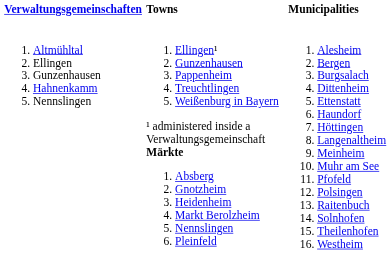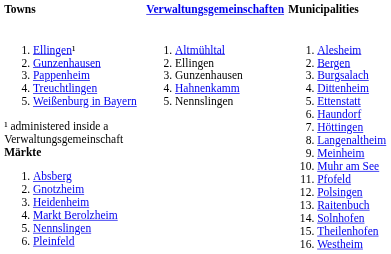 <table>
 <tr>
+<th align=left width=33%>Towns</th>
 <th align=left width=33%><a href='#'>Verwaltungsgemeinschaften</a></th>
-<th align=left width=33%>Towns</th>
 <th align=left width=33%>Municipalities</th>
 </tr>
 <tr valign=top>
+<td><br><ol><li><a href='#'>Ellingen</a>¹</li><li><a href='#'>Gunzenhausen</a></li><li><a href='#'>Pappenheim</a></li><li><a href='#'>Treuchtlingen</a></li><li><a href='#'>Weißenburg in Bayern</a></li></ol>¹ administered inside a<br> Verwaltungsgemeinschaft <br> <strong>Märkte</strong><ol><li><a href='#'>Absberg</a></li><li><a href='#'>Gnotzheim</a></li><li><a href='#'>Heidenheim</a></li><li><a href='#'>Markt Berolzheim</a></li><li><a href='#'>Nennslingen</a></li><li><a href='#'>Pleinfeld</a></li></ol></td>
 <td><br><ol><li><a href='#'>Altmühltal</a></li><li>Ellingen</li><li>Gunzenhausen</li><li><a href='#'>Hahnenkamm</a></li><li>Nennslingen</li></ol></td>
-<td><br><ol><li><a href='#'>Ellingen</a>¹</li><li><a href='#'>Gunzenhausen</a></li><li><a href='#'>Pappenheim</a></li><li><a href='#'>Treuchtlingen</a></li><li><a href='#'>Weißenburg in Bayern</a></li></ol>¹ administered inside a<br> Verwaltungsgemeinschaft <br> <strong>Märkte</strong><ol><li><a href='#'>Absberg</a></li><li><a href='#'>Gnotzheim</a></li><li><a href='#'>Heidenheim</a></li><li><a href='#'>Markt Berolzheim</a></li><li><a href='#'>Nennslingen</a></li><li><a href='#'>Pleinfeld</a></li></ol></td>
 <td><br><ol><li><a href='#'>Alesheim</a></li><li><a href='#'>Bergen</a></li><li><a href='#'>Burgsalach</a></li><li><a href='#'>Dittenheim</a></li><li><a href='#'>Ettenstatt</a></li><li><a href='#'>Haundorf</a></li><li><a href='#'>Höttingen</a></li><li><a href='#'>Langenaltheim</a></li><li><a href='#'>Meinheim</a></li><li><a href='#'>Muhr am See</a></li><li><a href='#'>Pfofeld</a></li><li><a href='#'>Polsingen</a></li><li><a href='#'>Raitenbuch</a></li><li><a href='#'>Solnhofen</a></li><li><a href='#'>Theilenhofen</a></li><li><a href='#'>Westheim</a></li></ol></td>
 </tr>
 </table>
